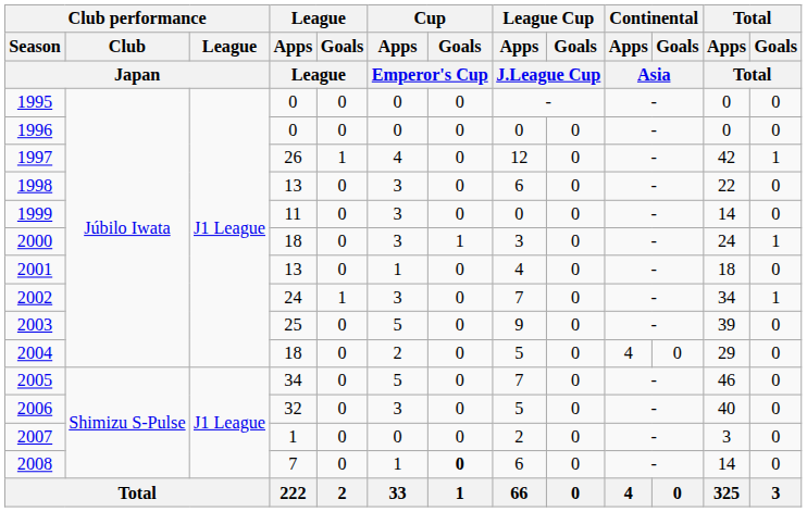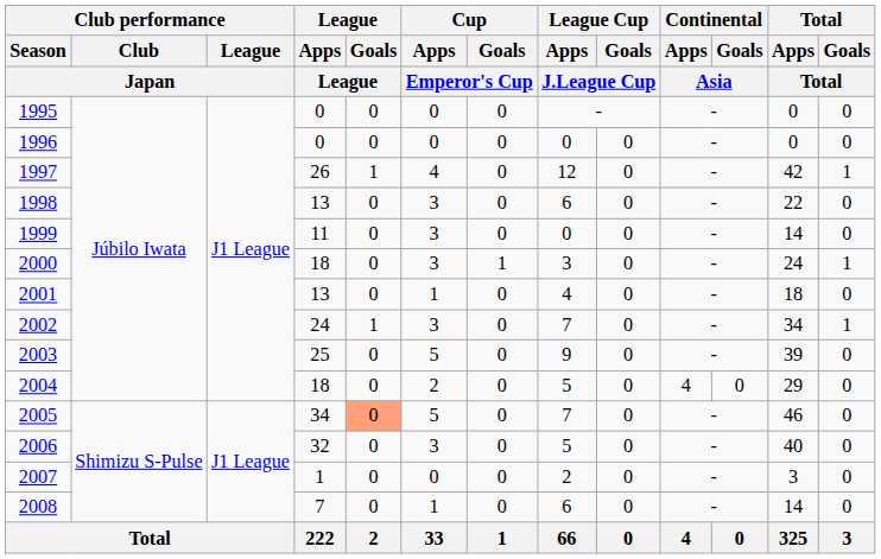 <table class="wikitable" style="text-align:center;">
 <tr>
 <th colspan=3>Club performance</th>
 <th colspan=2>League</th>
 <th colspan=2>Cup</th>
 <th colspan=2>League Cup</th>
 <th colspan=2>Continental</th>
 <th colspan=2>Total</th>
 </tr>
 <tr>
 <th>Season</th>
 <th>Club</th>
 <th>League</th>
 <th>Apps</th>
 <th>Goals</th>
 <th>Apps</th>
 <th>Goals</th>
 <th>Apps</th>
 <th>Goals</th>
 <th>Apps</th>
 <th>Goals</th>
 <th>Apps</th>
 <th>Goals</th>
 </tr>
 <tr>
 <th colspan=3>Japan</th>
 <th colspan=2>League</th>
 <th colspan=2><a href='#'>Emperor's Cup</a></th>
 <th colspan=2><a href='#'>J.League Cup</a></th>
 <th colspan=2><a href='#'>Asia</a></th>
 <th colspan=2>Total</th>
 </tr>
 <tr>
 <td><a href='#'>1995</a></td>
 <td rowspan="10"><a href='#'>Júbilo Iwata</a></td>
 <td rowspan="10"><a href='#'>J1 League</a></td>
 <td>0</td>
 <td>0</td>
 <td>0</td>
 <td>0</td>
 <td colspan="2">-</td>
 <td colspan="2">-</td>
 <td>0</td>
 <td>0</td>
 </tr>
 <tr>
 <td><a href='#'>1996</a></td>
 <td>0</td>
 <td>0</td>
 <td>0</td>
 <td>0</td>
 <td>0</td>
 <td>0</td>
 <td colspan="2">-</td>
 <td>0</td>
 <td>0</td>
 </tr>
 <tr>
 <td><a href='#'>1997</a></td>
 <td>26</td>
 <td>1</td>
 <td>4</td>
 <td>0</td>
 <td>12</td>
 <td>0</td>
 <td colspan="2">-</td>
 <td>42</td>
 <td>1</td>
 </tr>
 <tr>
 <td><a href='#'>1998</a></td>
 <td>13</td>
 <td>0</td>
 <td>3</td>
 <td>0</td>
 <td>6</td>
 <td>0</td>
 <td colspan="2">-</td>
 <td>22</td>
 <td>0</td>
 </tr>
 <tr>
 <td><a href='#'>1999</a></td>
 <td>11</td>
 <td>0</td>
 <td>3</td>
 <td>0</td>
 <td>0</td>
 <td>0</td>
 <td colspan="2">-</td>
 <td>14</td>
 <td>0</td>
 </tr>
 <tr>
 <td><a href='#'>2000</a></td>
 <td>18</td>
 <td>0</td>
 <td>3</td>
 <td>1</td>
 <td>3</td>
 <td>0</td>
 <td colspan="2">-</td>
 <td>24</td>
 <td>1</td>
 </tr>
 <tr>
 <td><a href='#'>2001</a></td>
 <td>13</td>
 <td>0</td>
 <td>1</td>
 <td>0</td>
 <td>4</td>
 <td>0</td>
 <td colspan="2">-</td>
 <td>18</td>
 <td>0</td>
 </tr>
 <tr>
 <td><a href='#'>2002</a></td>
 <td>24</td>
 <td>1</td>
 <td>3</td>
 <td>0</td>
 <td>7</td>
 <td>0</td>
 <td colspan="2">-</td>
 <td>34</td>
 <td>1</td>
 </tr>
 <tr>
 <td><a href='#'>2003</a></td>
 <td>25</td>
 <td>0</td>
 <td>5</td>
 <td>0</td>
 <td>9</td>
 <td>0</td>
 <td colspan="2">-</td>
 <td>39</td>
 <td>0</td>
 </tr>
 <tr>
 <td><a href='#'>2004</a></td>
 <td>18</td>
 <td>0</td>
 <td>2</td>
 <td>0</td>
 <td>5</td>
 <td>0</td>
 <td>4</td>
 <td>0</td>
 <td>29</td>
 <td>0</td>
 </tr>
 <tr>
 <td><a href='#'>2005</a></td>
 <td rowspan="4"><a href='#'>Shimizu S-Pulse</a></td>
 <td rowspan="4"><a href='#'>J1 League</a></td>
 <td>34</td>
-<td>0</td>
+<td style="background: lightsalmon;">0</td>
 <td>5</td>
 <td>0</td>
 <td>7</td>
 <td>0</td>
 <td colspan="2">-</td>
 <td>46</td>
 <td>0</td>
 </tr>
 <tr>
 <td><a href='#'>2006</a></td>
 <td>32</td>
 <td>0</td>
 <td>3</td>
 <td>0</td>
 <td>5</td>
 <td>0</td>
 <td colspan="2">-</td>
 <td>40</td>
 <td>0</td>
 </tr>
 <tr>
 <td><a href='#'>2007</a></td>
 <td>1</td>
 <td>0</td>
 <td>0</td>
 <td>0</td>
 <td>2</td>
 <td>0</td>
 <td colspan="2">-</td>
 <td>3</td>
 <td>0</td>
 </tr>
 <tr>
 <td><a href='#'>2008</a></td>
 <td>7</td>
 <td>0</td>
 <td>1</td>
-<td><strong>0</strong></td>
+<td>0</td>
 <td>6</td>
 <td>0</td>
 <td colspan="2">-</td>
 <td>14</td>
 <td>0</td>
 </tr>
 <tr>
 <th colspan=3>Total</th>
 <th>222</th>
 <th>2</th>
 <th>33</th>
 <th>1</th>
 <th>66</th>
 <th>0</th>
 <th>4</th>
 <th>0</th>
 <th>325</th>
 <th>3</th>
 </tr>
 </table>
